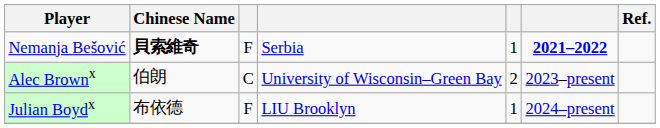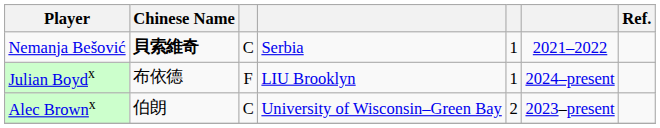 <table class="wikitable sortable" style="font-size:95%; text-align:left;">
 <tr>
 <th>Player</th>
 <th>Chinese Name</th>
 <th></th>
 <th></th>
 <th></th>
 <th></th>
 <th>Ref.</th>
 </tr>
 <tr>
 <td><a href='#'>Nemanja Bešović</a></td>
 <td><strong>貝索維奇</strong></td>
-<td align="center">F</td>
+<td align="center">C</td>
 <td><a href='#'>Serbia</a></td>
 <td align="center">1</td>
-<td align="center"><strong><a href='#'>2021–2022</a></strong></td>
+<td align="center"><a href='#'>2021–2022</a></td>
+<td></td>
+</tr>
+<tr>
+<td bgcolor="#CCFFCC"><a href='#'>Julian Boyd</a><sup>x</sup></td>
+<td>布依德</td>
+<td align="center">F</td>
+<td><a href='#'>LIU Brooklyn</a></td>
+<td align="center">1</td>
+<td align="center"><a href='#'>2024–present</a></td>
 <td></td>
 </tr>
 <tr>
 <td bgcolor="#CCFFCC"><a href='#'>Alec Brown</a><sup>x</sup></td>
 <td>伯朗</td>
 <td align="center">C</td>
 <td><a href='#'>University of Wisconsin–Green Bay</a></td>
 <td align="center">2</td>
 <td align="center"><a href='#'>2023</a>–<a href='#'>present</a></td>
 <td></td>
 </tr>
 <tr>
-<td bgcolor="#CCFFCC"><a href='#'>Julian Boyd</a><sup>x</sup></td>
-<td>布依德</td>
-<td align="center">F</td>
-<td><a href='#'>LIU Brooklyn</a></td>
-<td align="center">1</td>
-<td align="center"><a href='#'>2024–present</a></td>
-<td></td>
-</tr>
-<tr>
 </tr>
 </table>
